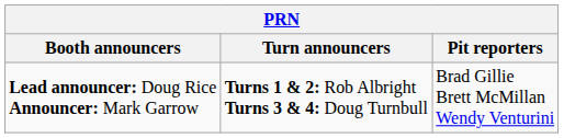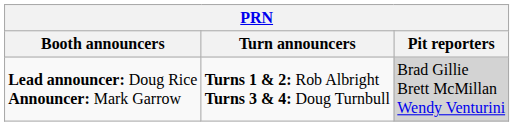 <table class="wikitable" style="font-size: 95%">
 <tr>
 <th colspan="3"><a href='#'>PRN</a></th>
 </tr>
 <tr>
 <th>Booth announcers</th>
 <th>Turn announcers</th>
 <th>Pit reporters</th>
 </tr>
 <tr>
 <td><strong>Lead announcer:</strong> Doug Rice<br><strong>Announcer:</strong> Mark Garrow</td>
 <td><strong>Turns 1 & 2:</strong> Rob Albright<br><strong>Turns 3 & 4:</strong> Doug Turnbull</td>
-<td>Brad Gillie<br>Brett McMillan<br><a href='#'>Wendy Venturini</a></td>
+<td style="background: lightgrey;">Brad Gillie<br>Brett McMillan<br><a href='#'>Wendy Venturini</a></td>
 </tr>
 </table>
